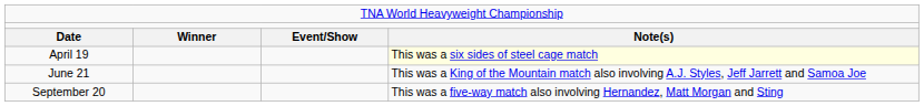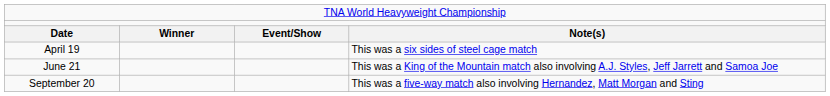 <table class="wikitable" style="text-align:center; width:100%;">
 <tr>
 <td colspan="5"><a href='#'>TNA World Heavyweight Championship</a></td>
 </tr>
 <tr>
 <td colspan="5"><strong></strong></td>
 </tr>
 <tr>
 <th width="14%">Date</th>
 <th width="14%">Winner</th>
 <th width="14%">Event/Show</th>
 <th width="58%">Note(s)</th>
 </tr>
 <tr>
 <td>April 19</td>
 <td></td>
 <td></td>
-<td align="left" style="background: lightyellow;">This was a <a href='#'>six sides of steel cage match</a></td>
+<td align="left">This was a <a href='#'>six sides of steel cage match</a></td>
 </tr>
 <tr>
 <td>June 21</td>
 <td></td>
 <td></td>
 <td align="left">This was a <a href='#'>King of the Mountain match</a> also involving <a href='#'>A.J. Styles</a>, <a href='#'>Jeff Jarrett</a> and <a href='#'>Samoa Joe</a></td>
 </tr>
 <tr>
 <td>September 20</td>
 <td></td>
 <td></td>
 <td align="left">This was a <a href='#'>five-way match</a> also involving <a href='#'>Hernandez</a>, <a href='#'>Matt Morgan</a> and <a href='#'>Sting</a></td>
 </tr>
 </table>
